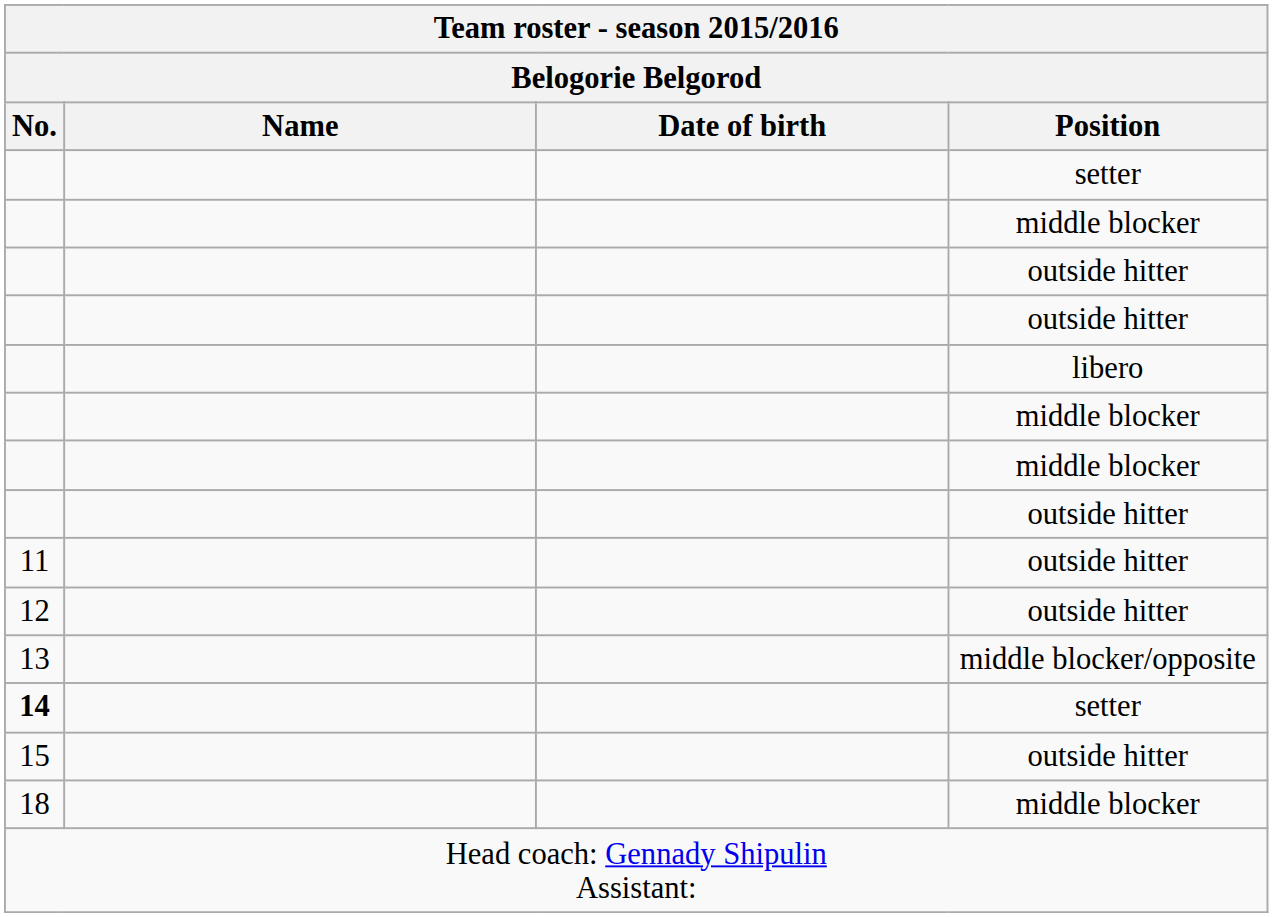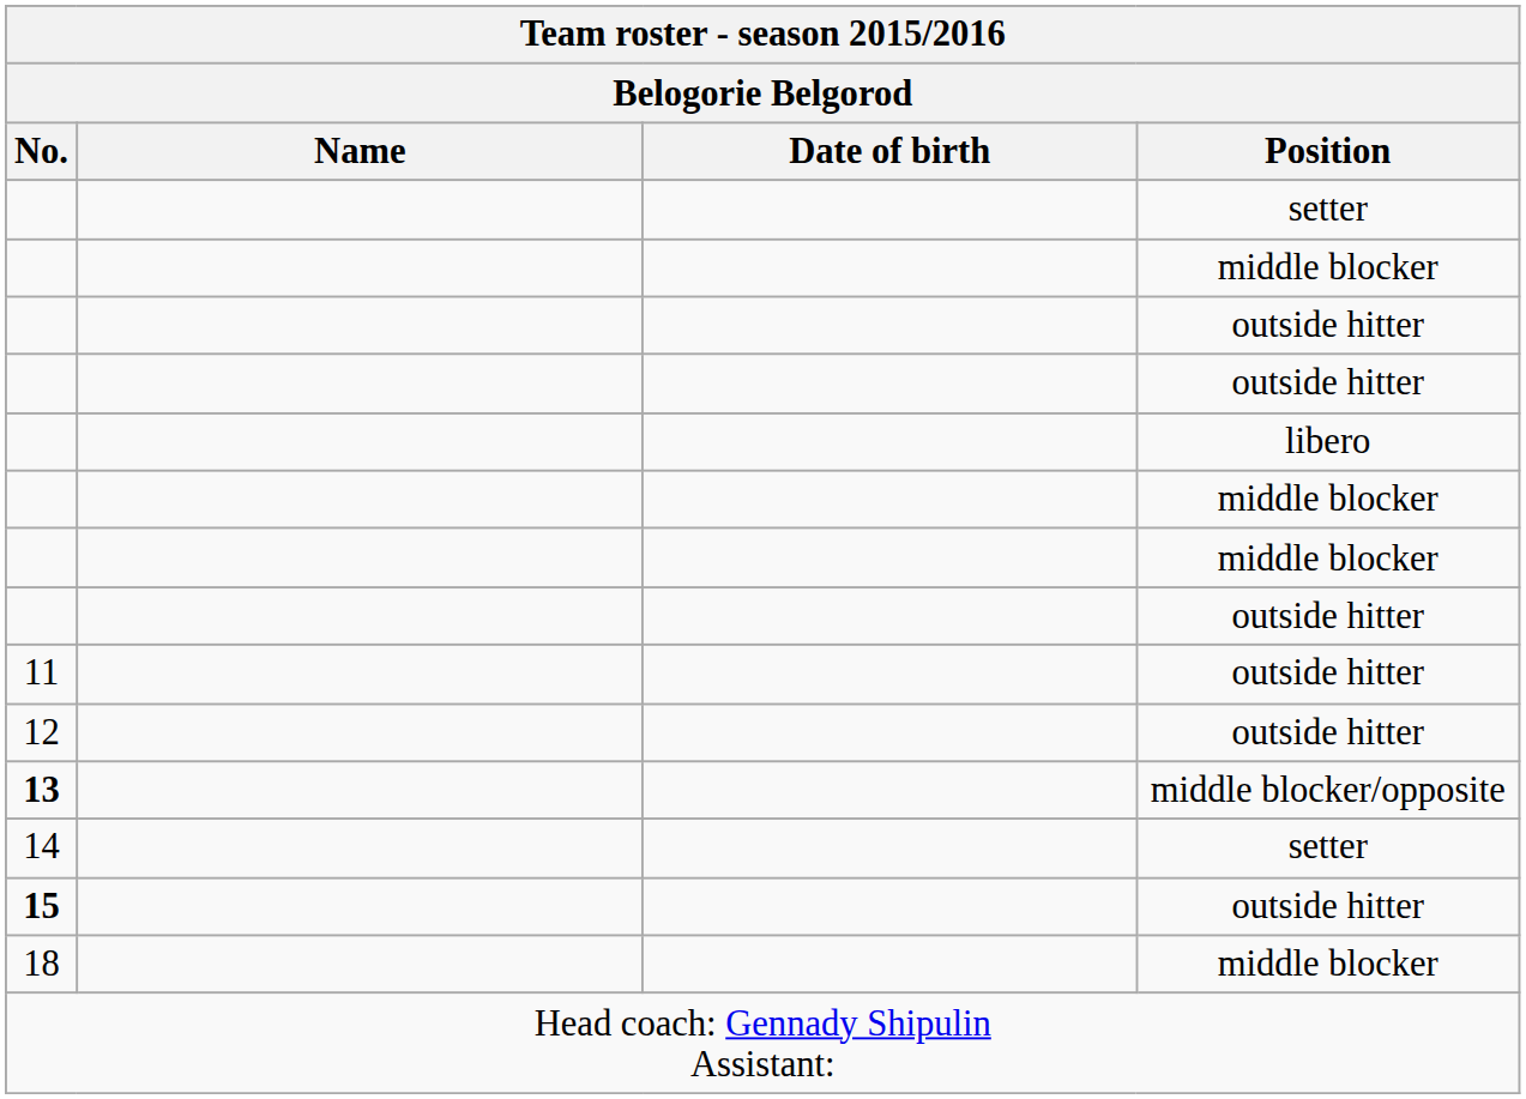 <table class="wikitable collapsible collapsed sortable" style="font-size:100%; text-align:center;">
 <tr>
 <th colspan=6>Team roster - season 2015/2016</th>
 </tr>
 <tr>
 <th colspan=6>Belogorie Belgorod</th>
 </tr>
 <tr>
 <th>No.</th>
 <th style="width:15em">Name</th>
 <th style="width:13em">Date of birth</th>
 <th style="width:10em">Position</th>
 </tr>
 <tr>
 <td></td>
 <td align=left> </td>
 <td align=right></td>
 <td>setter</td>
 </tr>
 <tr>
 <td></td>
 <td align=left> </td>
 <td align=right></td>
 <td>middle blocker</td>
 </tr>
 <tr>
 <td></td>
 <td align=left> </td>
 <td align=right></td>
 <td>outside hitter</td>
 </tr>
 <tr>
 <td></td>
 <td align=left> </td>
 <td align=right></td>
 <td>outside hitter</td>
 </tr>
 <tr>
 <td></td>
 <td align=left> </td>
 <td align=right></td>
 <td>libero</td>
 </tr>
 <tr>
 <td></td>
 <td align=left> </td>
 <td align=right></td>
 <td>middle blocker</td>
 </tr>
 <tr>
 <td></td>
 <td align=left> </td>
 <td align=right></td>
 <td>middle blocker</td>
 </tr>
 <tr>
 <td></td>
 <td align=left> </td>
 <td align=right></td>
 <td>outside hitter</td>
 </tr>
 <tr>
 <td>11</td>
 <td align=left> </td>
 <td align=right></td>
 <td>outside hitter</td>
 </tr>
 <tr>
 <td>12</td>
 <td align=left> </td>
 <td align=right></td>
 <td>outside hitter</td>
 </tr>
 <tr>
-<td>13</td>
+<td><strong>13</strong></td>
 <td align=left> </td>
 <td align=right></td>
 <td>middle blocker/opposite</td>
 </tr>
 <tr>
-<td><strong>14</strong></td>
+<td>14</td>
 <td align=left> </td>
 <td align=right></td>
 <td>setter</td>
 </tr>
 <tr>
-<td>15</td>
+<td><strong>15</strong></td>
 <td align=left> </td>
 <td align=right></td>
 <td>outside hitter</td>
 </tr>
 <tr>
 <td>18</td>
 <td align=left> </td>
 <td align=right></td>
 <td>middle blocker</td>
 </tr>
 <tr>
 <td colspan=4>Head coach: <a href='#'>Gennady Shipulin</a><br>Assistant:</td>
 </tr>
 </table>
